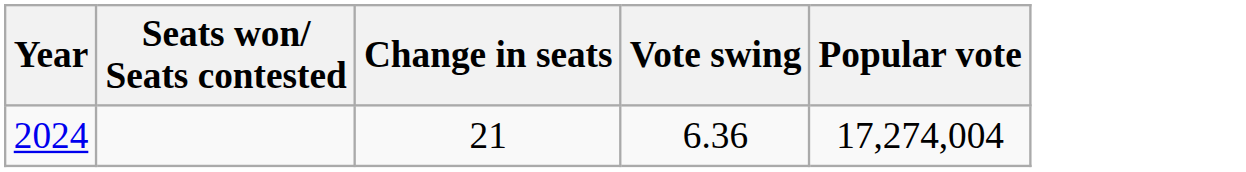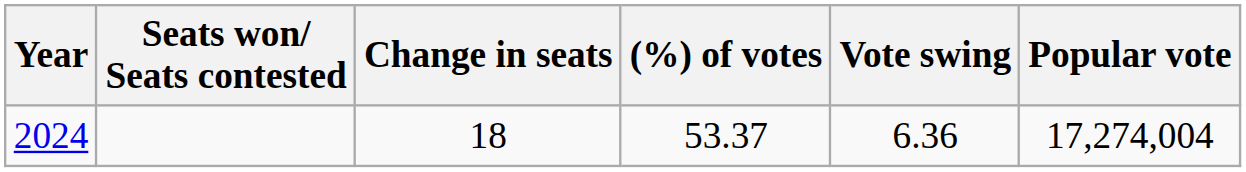 <table class="wikitable sortable">
 <tr>
 <th style="background-color:">Year</th>
 <th style="background-color:">Seats won/<br>Seats contested</th>
 <th style="background-color:">Change in seats</th>
+<th style="background-color:">(%) of votes</th>
 <th style="background-color:">Vote swing</th>
 <th style="background-color:">Popular vote</th>
 </tr>
 <tr style="text-align:center;">
 <td><a href='#'>2024</a></td>
 <td></td>
-<td> 21</td>
+<td> 18</td>
+<td>53.37</td>
 <td> 6.36</td>
 <td>17,274,004</td>
 </tr>
 </table>
